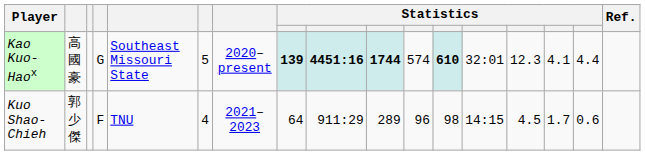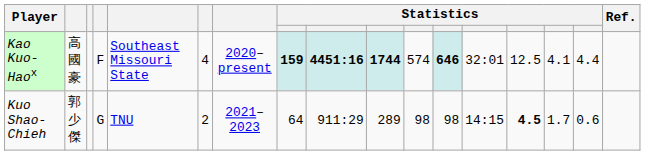 <table class="wikitable sortable" style="font-size:95%; text-align:right;">
 <tr>
 <th rowspan="2">Player</th>
 <th rowspan="2"></th>
 <th rowspan="2"></th>
 <th rowspan="2"></th>
 <th rowspan="2"></th>
 <th rowspan="2"></th>
 <th rowspan="2"></th>
 <th colspan="9">Statistics</th>
 <th rowspan="2">Ref.</th>
 </tr>
 <tr>
 <th></th>
 <th></th>
 <th></th>
 <th></th>
 <th></th>
 <th></th>
 <th></th>
 <th></th>
 <th></th>
 </tr>
 <tr>
 <td align="left" bgcolor="#CCFFCC"><em>Kao Kuo-Hao</em><sup>x</sup></td>
 <td align="left">高國豪</td>
 <td align="center"></td>
-<td align="center">G</td>
+<td align="center">F</td>
 <td align="left"><a href='#'>Southeast Missouri State</a></td>
-<td align="center">5</td>
+<td align="center">4</td>
 <td align="center"><a href='#'>2020</a>–<a href='#'>present</a></td>
-<td bgcolor="#CFECEC"><strong>139</strong></td>
+<td bgcolor="#CFECEC"><strong>159</strong></td>
 <td bgcolor="#CFECEC"><strong>4451:16</strong></td>
 <td bgcolor="#CFECEC"><strong>1744</strong></td>
 <td>574</td>
-<td bgcolor="#CFECEC"><strong>610</strong></td>
+<td bgcolor="#CFECEC"><strong>646</strong></td>
 <td>32:01</td>
-<td>12.3</td>
+<td>12.5</td>
 <td>4.1</td>
 <td>4.4</td>
 <td align="center"></td>
 </tr>
 <tr>
 <td align="left"><em>Kuo Shao-Chieh</em></td>
 <td align="left">郭少傑</td>
 <td align="center"></td>
-<td align="center">F</td>
+<td align="center">G</td>
 <td align="left"><a href='#'>TNU</a></td>
-<td align="center">4</td>
+<td align="center">2</td>
 <td align="center"><a href='#'>2021</a>–<a href='#'>2023</a></td>
 <td>64</td>
 <td>911:29</td>
 <td>289</td>
-<td>96</td>
+<td>98</td>
 <td>98</td>
 <td>14:15</td>
-<td>4.5</td>
+<td><strong>4.5</strong></td>
 <td>1.7</td>
 <td>0.6</td>
 <td align="center"></td>
 </tr>
 </table>
